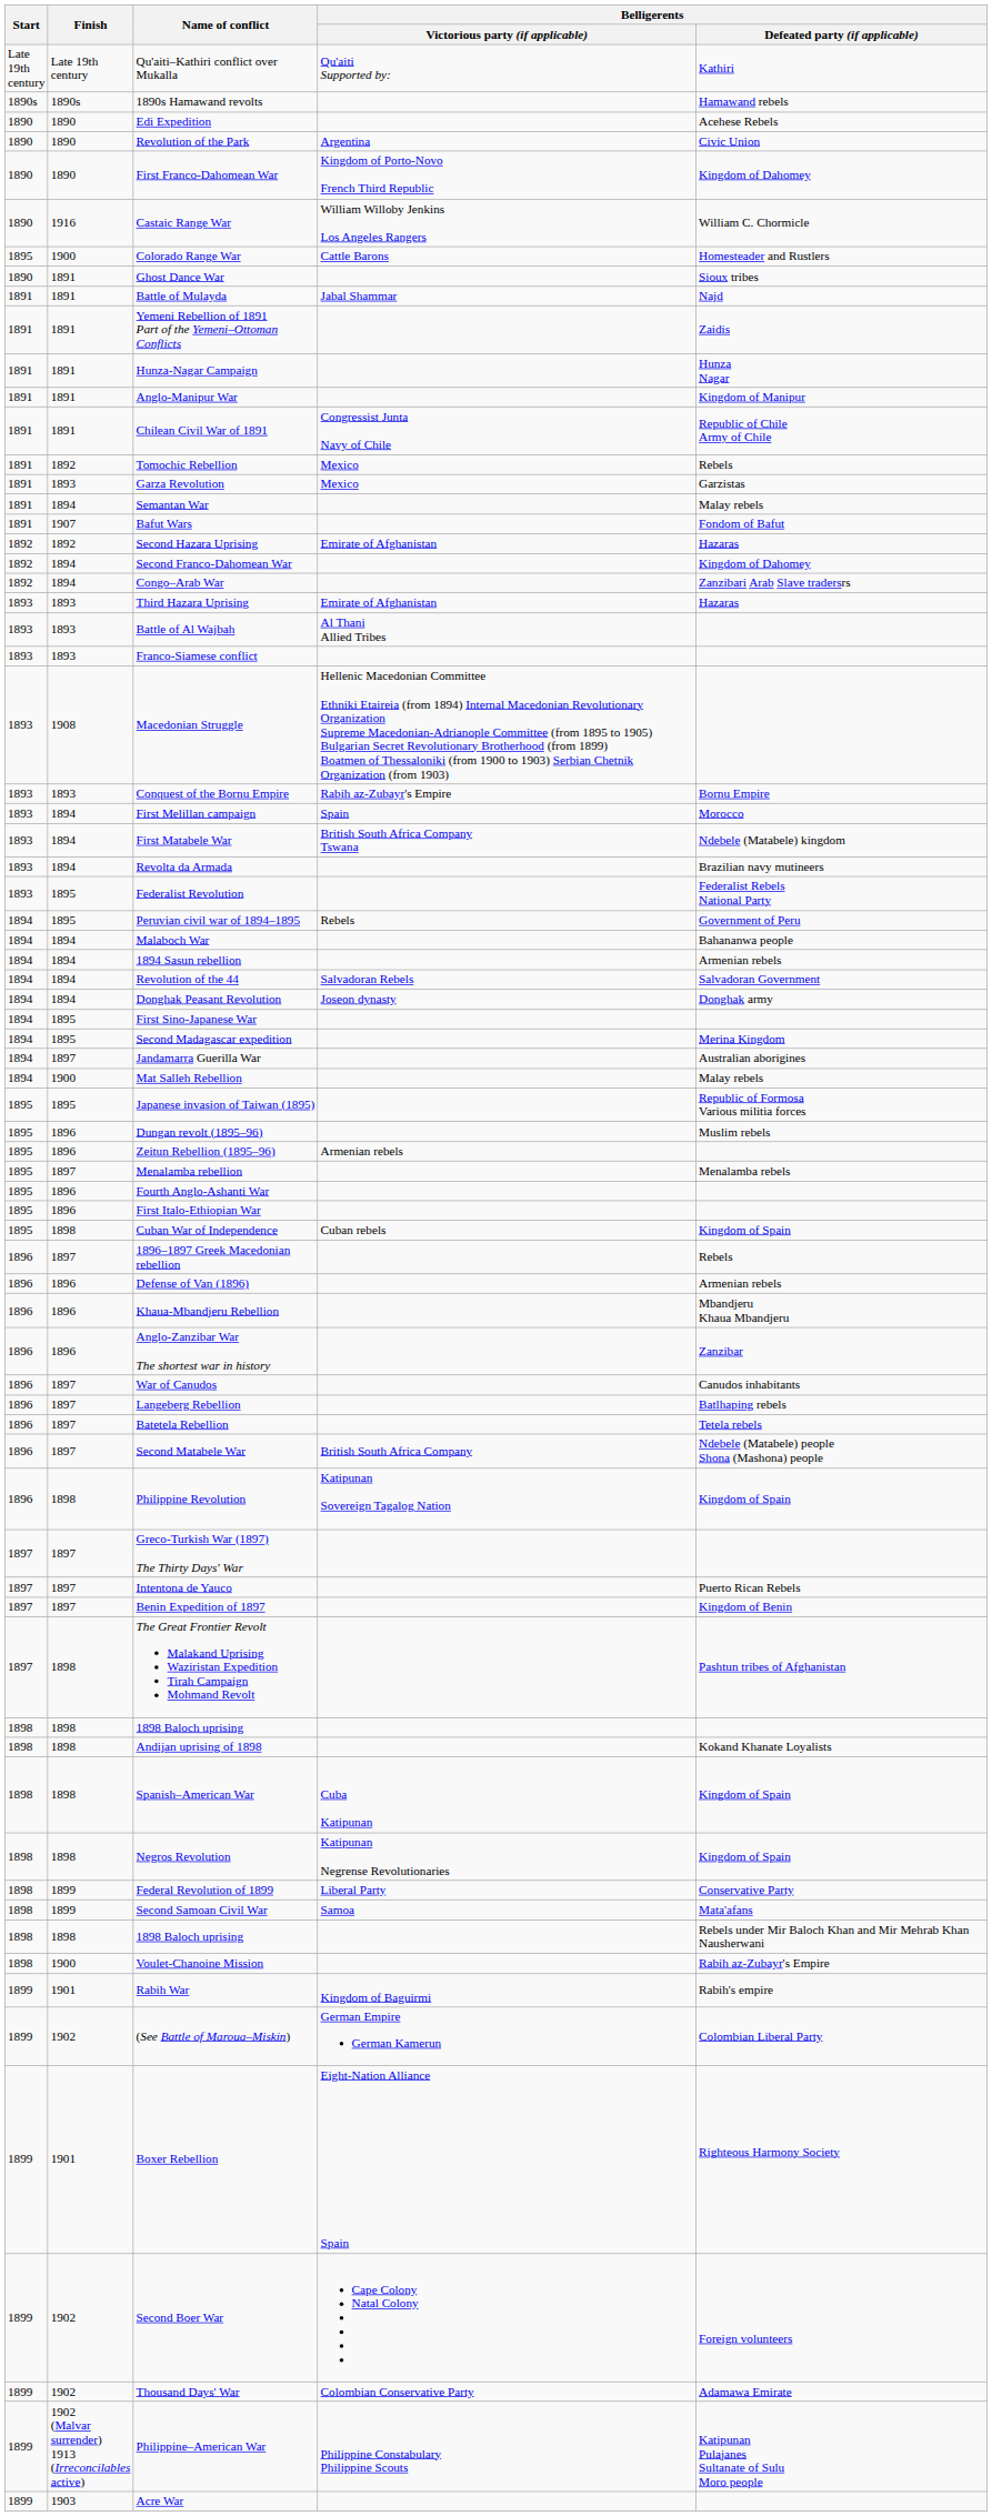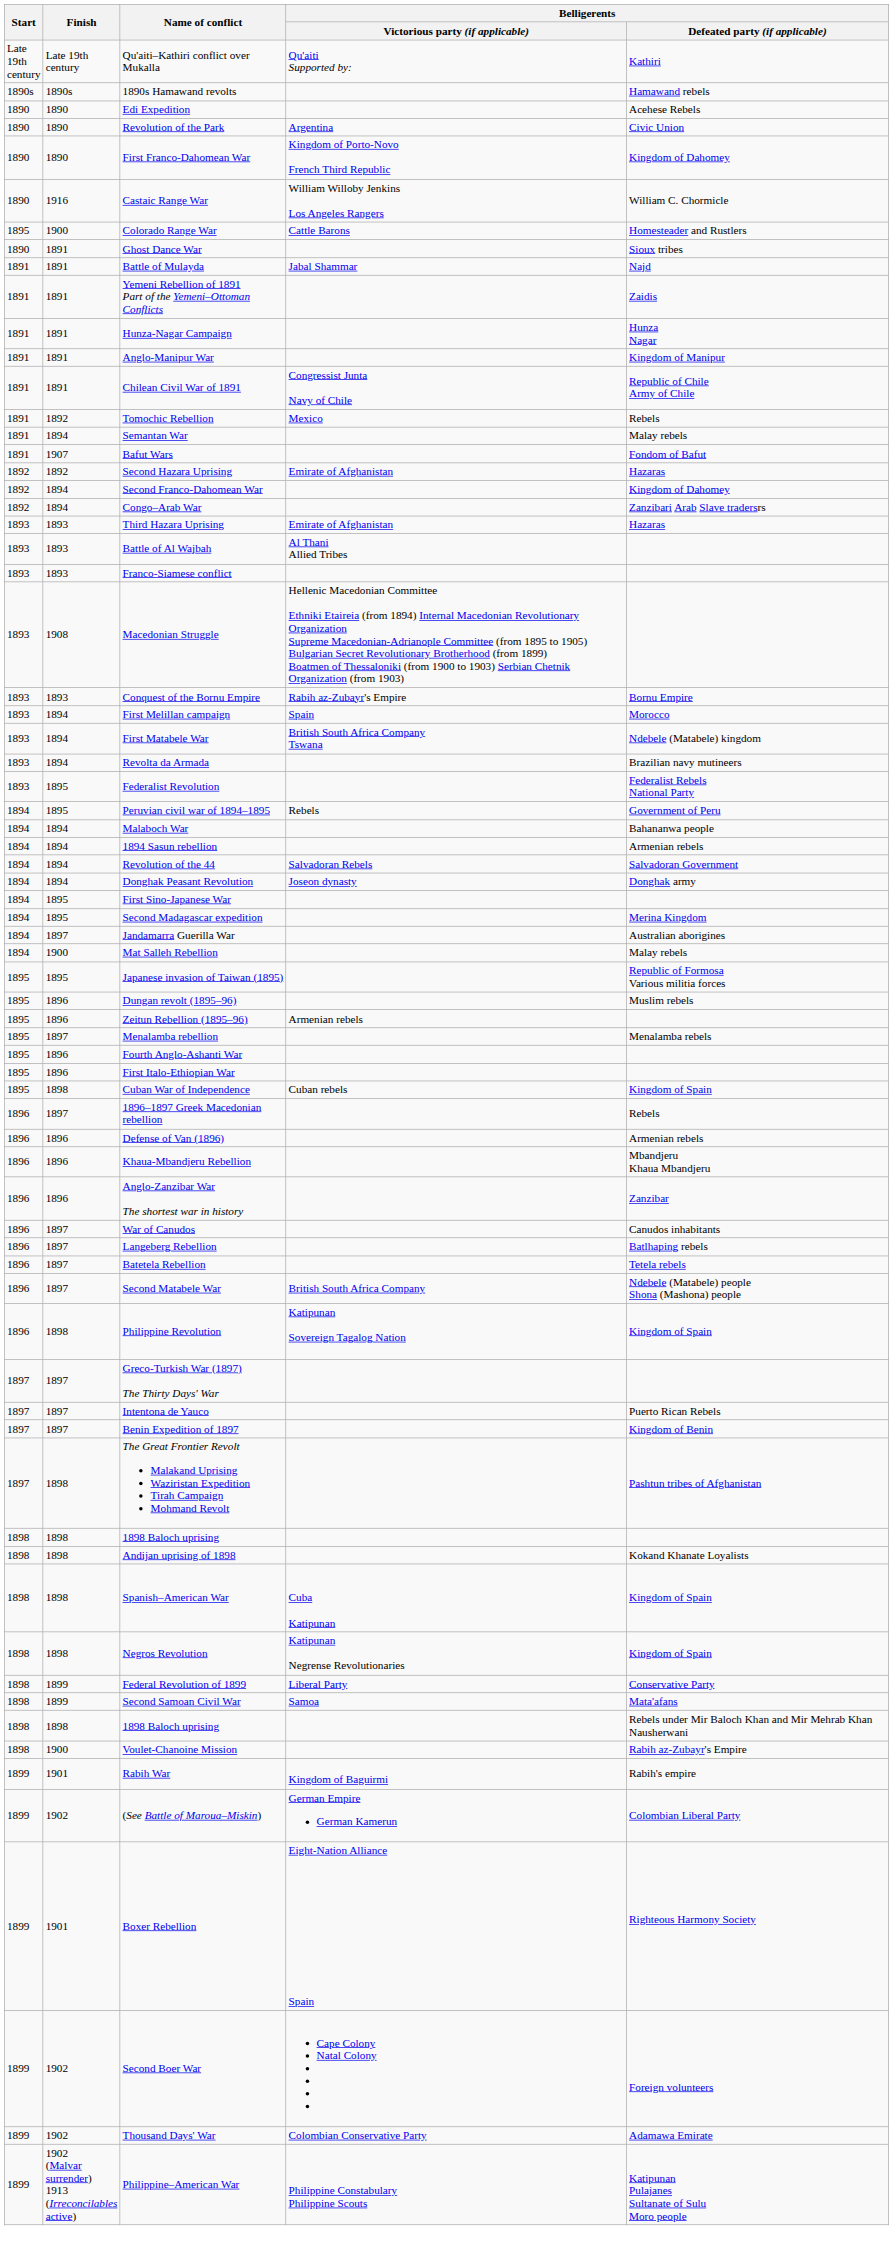 <table class="wikitable sortable" width="100%">
 <tr>
 <th rowspan="2" width="40">Start</th>
 <th rowspan="2" width="40">Finish</th>
 <th rowspan="2" class="unsortable">Name of conflict</th>
 <th colspan="2" class="unsortable">Belligerents</th>
 </tr>
 <tr>
 <th>Victorious party <em>(if applicable)</em></th>
 <th>Defeated party <em>(if applicable)</em></th>
 </tr>
 <tr>
 <td>Late 19th century</td>
 <td>Late 19th century</td>
 <td>Qu'aiti–Kathiri conflict over Mukalla</td>
 <td> <a href='#'>Qu'aiti</a><br><em>Supported by:</em><br></td>
 <td> <a href='#'>Kathiri</a></td>
 </tr>
 <tr>
 <td>1890s</td>
 <td>1890s</td>
 <td>1890s Hamawand revolts</td>
 <td></td>
 <td><a href='#'>Hamawand</a> rebels</td>
 </tr>
 <tr>
 <td>1890</td>
 <td>1890</td>
 <td><a href='#'>Edi Expedition</a></td>
 <td></td>
 <td>Acehese Rebels</td>
 </tr>
 <tr>
 <td>1890</td>
 <td>1890</td>
 <td><a href='#'>Revolution of the Park</a></td>
 <td> <a href='#'>Argentina</a></td>
 <td> <a href='#'>Civic Union</a></td>
 </tr>
 <tr>
 <td>1890</td>
 <td>1890</td>
 <td><a href='#'>First Franco-Dahomean War</a></td>
 <td><a href='#'>Kingdom of Porto-Novo</a><br><br> <a href='#'>French Third Republic</a></td>
 <td><a href='#'>Kingdom of Dahomey</a></td>
 </tr>
 <tr>
 <td>1890</td>
 <td>1916</td>
 <td><a href='#'>Castaic Range War</a></td>
 <td> William Willoby Jenkins<br><br> <a href='#'>Los Angeles Rangers</a></td>
 <td> William C. Chormicle</td>
 </tr>
 <tr>
 <td>1895</td>
 <td>1900</td>
 <td><a href='#'>Colorado Range War</a></td>
 <td> <a href='#'>Cattle Barons</a><br></td>
 <td> <a href='#'>Homesteader</a> and Rustlers</td>
 </tr>
 <tr>
 <td>1890</td>
 <td>1891</td>
 <td><a href='#'>Ghost Dance War</a></td>
 <td></td>
 <td><a href='#'>Sioux</a> tribes</td>
 </tr>
 <tr>
 <td>1891</td>
 <td>1891</td>
 <td><a href='#'>Battle of Mulayda</a></td>
 <td> <a href='#'>Jabal Shammar</a></td>
 <td> <a href='#'>Najd</a></td>
 </tr>
 <tr>
 <td>1891</td>
 <td>1891</td>
 <td><a href='#'>Yemeni Rebellion of 1891</a><br><em>Part of the <a href='#'>Yemeni–Ottoman Conflicts</a></em></td>
 <td></td>
 <td><a href='#'>Zaidis</a></td>
 </tr>
 <tr>
 <td>1891</td>
 <td>1891</td>
 <td><a href='#'>Hunza-Nagar Campaign</a></td>
 <td></td>
 <td><a href='#'>Hunza</a> <br> <a href='#'>Nagar</a></td>
 </tr>
 <tr>
 <td>1891</td>
 <td>1891</td>
 <td><a href='#'>Anglo-Manipur War</a></td>
 <td></td>
 <td> <a href='#'>Kingdom of Manipur</a></td>
 </tr>
 <tr>
 <td>1891</td>
 <td>1891</td>
 <td><a href='#'>Chilean Civil War of 1891</a></td>
 <td> <a href='#'>Congressist Junta</a><br><br> <a href='#'>Navy of Chile</a></td>
 <td> <a href='#'>Republic of Chile</a><br> <a href='#'>Army of Chile</a></td>
 </tr>
 <tr>
 <td>1891</td>
 <td>1892</td>
 <td><a href='#'>Tomochic Rebellion</a></td>
 <td> <a href='#'>Mexico</a></td>
 <td>Rebels</td>
-</tr>
-<tr>
-<td>1891</td>
-<td>1893</td>
-<td><a href='#'>Garza Revolution</a></td>
-<td> <a href='#'>Mexico</a><br></td>
-<td>Garzistas</td>
 </tr>
 <tr>
 <td>1891</td>
 <td>1894</td>
 <td><a href='#'>Semantan War</a></td>
 <td></td>
 <td>Malay rebels</td>
 </tr>
 <tr>
 <td>1891</td>
 <td>1907</td>
 <td><a href='#'>Bafut Wars</a></td>
 <td></td>
 <td><a href='#'>Fondom of Bafut</a></td>
 </tr>
 <tr>
 <td>1892</td>
 <td>1892</td>
 <td><a href='#'>Second Hazara Uprising</a></td>
 <td><a href='#'>Emirate of Afghanistan</a></td>
 <td><a href='#'>Hazaras</a></td>
 </tr>
 <tr>
 <td>1892</td>
 <td>1894</td>
 <td><a href='#'>Second Franco-Dahomean War</a></td>
 <td></td>
 <td><a href='#'>Kingdom of Dahomey</a></td>
 </tr>
 <tr>
 <td>1892</td>
 <td>1894</td>
 <td><a href='#'>Congo–Arab War</a></td>
 <td></td>
 <td><a href='#'>Zanzibari</a> <a href='#'>Arab</a> <a href='#'>Slave traders</a>rs</td>
 </tr>
 <tr>
 <td>1893</td>
 <td>1893</td>
 <td><a href='#'>Third Hazara Uprising</a></td>
 <td><a href='#'>Emirate of Afghanistan</a></td>
 <td><a href='#'>Hazaras</a></td>
 </tr>
 <tr>
 <td>1893</td>
 <td>1893</td>
 <td><a href='#'>Battle of Al Wajbah</a></td>
 <td> <a href='#'>Al Thani</a> <br>  Allied Tribes</td>
 <td></td>
 </tr>
 <tr>
 <td>1893</td>
 <td>1893</td>
 <td><a href='#'>Franco-Siamese conflict</a></td>
 <td> <br> </td>
 <td></td>
 </tr>
 <tr>
 <td>1893</td>
 <td>1908</td>
 <td><a href='#'>Macedonian Struggle</a></td>
 <td> Hellenic Macedonian Committee <br><br><a href='#'>Ethniki Etaireia</a> (from 1894) <a href='#'>Internal Macedonian Revolutionary Organization</a>  <br> <a href='#'>Supreme Macedonian-Adrianople Committee</a> (from 1895 to 1905) <br>  <a href='#'>Bulgarian Secret Revolutionary Brotherhood</a> (from 1899) <br>  <a href='#'>Boatmen of Thessaloniki</a> (from 1900 to 1903) <a href='#'>Serbian Chetnik Organization</a> (from 1903)</td>
 <td></td>
 </tr>
 <tr>
 <td>1893</td>
 <td>1893</td>
 <td><a href='#'>Conquest of the Bornu Empire</a></td>
 <td><a href='#'>Rabih az-Zubayr</a>'s Empire</td>
 <td><a href='#'>Bornu Empire</a></td>
 </tr>
 <tr>
 <td>1893</td>
 <td>1894</td>
 <td><a href='#'>First Melillan campaign</a></td>
 <td> <a href='#'>Spain</a></td>
 <td> <a href='#'>Morocco</a></td>
 </tr>
 <tr>
 <td>1893</td>
 <td>1894</td>
 <td><a href='#'>First Matabele War</a></td>
 <td> <a href='#'>British South Africa Company</a><br><a href='#'>Tswana</a></td>
 <td><a href='#'>Ndebele</a> (Matabele) kingdom</td>
 </tr>
 <tr>
 <td>1893</td>
 <td>1894</td>
 <td><a href='#'>Revolta da Armada</a></td>
 <td></td>
 <td>Brazilian navy mutineers</td>
 </tr>
 <tr>
 <td>1893</td>
 <td>1895</td>
 <td><a href='#'>Federalist Revolution</a></td>
 <td></td>
 <td><a href='#'>Federalist Rebels</a><br> <a href='#'>National Party</a></td>
 </tr>
 <tr>
 <td>1894</td>
 <td>1895</td>
 <td><a href='#'>Peruvian civil war of 1894–1895</a></td>
 <td>Rebels</td>
 <td><a href='#'>Government of Peru</a></td>
 </tr>
 <tr>
 <td>1894</td>
 <td>1894</td>
 <td><a href='#'>Malaboch War</a></td>
 <td></td>
 <td>Bahananwa people</td>
 </tr>
 <tr>
 <td>1894</td>
 <td>1894</td>
 <td><a href='#'>1894 Sasun rebellion</a></td>
 <td></td>
 <td>Armenian rebels</td>
 </tr>
 <tr>
 <td>1894</td>
 <td>1894</td>
 <td><a href='#'>Revolution of the 44</a></td>
 <td> <a href='#'>Salvadoran Rebels</a></td>
 <td> <a href='#'>Salvadoran Government</a></td>
 </tr>
 <tr>
 <td>1894</td>
 <td>1894</td>
 <td><a href='#'>Donghak Peasant Revolution</a></td>
 <td> <a href='#'>Joseon dynasty</a><br></td>
 <td><a href='#'>Donghak</a> army</td>
 </tr>
 <tr>
 <td>1894</td>
 <td>1895</td>
 <td><a href='#'>First Sino-Japanese War</a></td>
 <td></td>
 <td></td>
 </tr>
 <tr>
 <td>1894</td>
 <td>1895</td>
 <td><a href='#'>Second Madagascar expedition</a></td>
 <td></td>
 <td> <a href='#'>Merina Kingdom</a></td>
 </tr>
 <tr>
 <td>1894</td>
 <td>1897</td>
 <td><a href='#'>Jandamarra</a> Guerilla War</td>
 <td></td>
 <td>Australian aborigines</td>
 </tr>
 <tr>
 <td>1894</td>
 <td>1900</td>
 <td><a href='#'>Mat Salleh Rebellion</a></td>
 <td></td>
 <td>Malay rebels</td>
 </tr>
 <tr>
 <td>1895</td>
 <td>1895</td>
 <td><a href='#'>Japanese invasion of Taiwan (1895)</a></td>
 <td></td>
 <td> <a href='#'>Republic of Formosa</a><br> Various militia forces</td>
 </tr>
 <tr>
 <td>1895</td>
 <td>1896</td>
 <td><a href='#'>Dungan revolt (1895–96)</a></td>
 <td></td>
 <td>Muslim rebels</td>
 </tr>
 <tr>
 <td>1895</td>
 <td>1896</td>
 <td><a href='#'>Zeitun Rebellion (1895–96)</a></td>
 <td>Armenian rebels</td>
 <td></td>
 </tr>
 <tr>
 <td>1895</td>
 <td>1897</td>
 <td><a href='#'>Menalamba rebellion</a></td>
 <td></td>
 <td>Menalamba rebels</td>
 </tr>
 <tr>
 <td>1895</td>
 <td>1896</td>
 <td><a href='#'>Fourth Anglo-Ashanti War</a></td>
 <td></td>
 <td></td>
 </tr>
 <tr>
 <td>1895</td>
 <td>1896</td>
 <td><a href='#'>First Italo-Ethiopian War</a></td>
 <td></td>
 <td></td>
 </tr>
 <tr>
 <td>1895</td>
 <td>1898</td>
 <td><a href='#'>Cuban War of Independence</a></td>
 <td> Cuban rebels<br> </td>
 <td> <a href='#'>Kingdom of Spain</a></td>
 </tr>
 <tr>
 <td>1896</td>
 <td>1897</td>
 <td><a href='#'>1896–1897 Greek Macedonian rebellion</a></td>
 <td></td>
 <td>Rebels</td>
 </tr>
 <tr>
 <td>1896</td>
 <td>1896</td>
 <td><a href='#'>Defense of Van (1896)</a></td>
 <td></td>
 <td>Armenian rebels</td>
 </tr>
 <tr>
 <td>1896</td>
 <td>1896</td>
 <td><a href='#'>Khaua-Mbandjeru Rebellion</a></td>
 <td></td>
 <td>Mbandjeru <br> Khaua Mbandjeru</td>
 </tr>
 <tr>
 <td>1896</td>
 <td>1896</td>
 <td><a href='#'>Anglo-Zanzibar War</a><br><br><em>The shortest war in history</em></td>
 <td></td>
 <td> <a href='#'>Zanzibar</a></td>
 </tr>
 <tr>
 <td>1896</td>
 <td>1897</td>
 <td><a href='#'>War of Canudos</a></td>
 <td></td>
 <td>Canudos inhabitants</td>
 </tr>
 <tr>
 <td>1896</td>
 <td>1897</td>
 <td><a href='#'>Langeberg Rebellion</a></td>
 <td></td>
 <td><a href='#'>Batlhaping</a> rebels</td>
 </tr>
 <tr>
 <td>1896</td>
 <td>1897</td>
 <td><a href='#'>Batetela Rebellion</a></td>
 <td></td>
 <td><a href='#'>Tetela rebels</a></td>
 </tr>
 <tr>
 <td>1896</td>
 <td>1897</td>
 <td><a href='#'>Second Matabele War</a></td>
 <td> <a href='#'>British South Africa Company</a></td>
 <td><a href='#'>Ndebele</a> (Matabele) people<br><a href='#'>Shona</a> (Mashona) people</td>
 </tr>
 <tr>
 <td>1896</td>
 <td>1898</td>
 <td><a href='#'>Philippine Revolution</a></td>
 <td> <a href='#'>Katipunan</a><br><br> <a href='#'>Sovereign Tagalog Nation</a><br> <br> </td>
 <td> <a href='#'>Kingdom of Spain</a></td>
 </tr>
 <tr>
 <td>1897</td>
 <td>1897</td>
 <td><a href='#'>Greco-Turkish War (1897)</a><br><br><em>The Thirty Days' War</em></td>
 <td></td>
 <td></td>
 </tr>
 <tr>
 <td>1897</td>
 <td>1897</td>
 <td><a href='#'>Intentona de Yauco</a></td>
 <td></td>
 <td>Puerto Rican Rebels</td>
 </tr>
 <tr>
 <td>1897</td>
 <td>1897</td>
 <td><a href='#'>Benin Expedition of 1897</a></td>
 <td></td>
 <td> <a href='#'>Kingdom of Benin</a></td>
 </tr>
 <tr>
 <td>1897</td>
 <td>1898</td>
 <td><em>The Great Frontier Revolt</em><br><ul><li><a href='#'>Malakand Uprising</a></li><li><a href='#'>Waziristan Expedition</a></li><li><a href='#'>Tirah Campaign</a></li><li><a href='#'>Mohmand Revolt</a></li></ul></td>
 <td></td>
 <td> <a href='#'>Pashtun tribes of Afghanistan</a></td>
 </tr>
 <tr>
 <td>1898</td>
 <td>1898</td>
 <td><a href='#'>1898 Baloch uprising</a></td>
 <td></td>
 <td></td>
 </tr>
 <tr>
 <td>1898</td>
 <td>1898</td>
 <td><a href='#'>Andijan uprising of 1898</a></td>
 <td></td>
 <td>Kokand Khanate Loyalists</td>
 </tr>
 <tr>
 <td>1898</td>
 <td>1898</td>
 <td><a href='#'>Spanish–American War</a></td>
 <td><br><br> <a href='#'>Cuba</a><br> <br>  <a href='#'>Katipunan</a></td>
 <td> <a href='#'>Kingdom of Spain</a></td>
 </tr>
 <tr>
 <td>1898</td>
 <td>1898</td>
 <td><a href='#'>Negros Revolution</a></td>
 <td> <a href='#'>Katipunan</a><br><br> Negrense Revolutionaries</td>
 <td> <a href='#'>Kingdom of Spain</a></td>
 </tr>
 <tr>
 <td>1898</td>
 <td>1899</td>
 <td><a href='#'>Federal Revolution of 1899</a></td>
 <td><a href='#'>Liberal Party</a></td>
 <td><a href='#'>Conservative Party</a></td>
 </tr>
 <tr>
 <td>1898</td>
 <td>1899</td>
 <td><a href='#'>Second Samoan Civil War</a></td>
 <td> <a href='#'>Samoa</a></td>
 <td> <a href='#'>Mata'afans</a></td>
 </tr>
 <tr>
 <td>1898</td>
 <td>1898</td>
 <td><a href='#'>1898 Baloch uprising</a></td>
 <td></td>
 <td>Rebels under Mir Baloch Khan and Mir Mehrab Khan Nausherwani</td>
 </tr>
 <tr>
 <td>1898</td>
 <td>1900</td>
 <td><a href='#'>Voulet-Chanoine Mission</a></td>
 <td></td>
 <td><a href='#'>Rabih az-Zubayr</a>'s Empire</td>
 </tr>
 <tr>
 <td>1899</td>
 <td>1901</td>
 <td><a href='#'>Rabih War</a></td>
 <td><br><a href='#'>Kingdom of Baguirmi</a></td>
 <td>Rabih's empire</td>
 </tr>
 <tr>
 <td>1899</td>
 <td>1902</td>
 <td>(<em>See <a href='#'>Battle of Maroua–Miskin</a></em>)</td>
 <td> <a href='#'>German Empire</a><br><ul><li> <a href='#'>German Kamerun</a></li></ul></td>
 <td> <a href='#'>Colombian Liberal Party</a></td>
 </tr>
 <tr>
 <td>1899</td>
 <td>1901</td>
 <td><a href='#'>Boxer Rebellion</a></td>
 <td><a href='#'>Eight-Nation Alliance</a><br><br><br> <br> <br> <br> <br> <br> <br> <br> <br> <br>  <a href='#'>Spain</a></td>
 <td> <a href='#'>Righteous Harmony Society</a><br><br></td>
 </tr>
 <tr>
 <td>1899</td>
 <td>1902</td>
 <td><a href='#'>Second Boer War</a></td>
 <td><br><ul><li> <a href='#'>Cape Colony</a></li><li> <a href='#'>Natal Colony</a></li><li></li><li></li><li></li><li></li></ul></td>
 <td><br><br><br> <a href='#'>Foreign volunteers</a></td>
 </tr>
 <tr>
 <td>1899</td>
 <td>1902</td>
 <td><a href='#'>Thousand Days' War</a></td>
 <td> <a href='#'>Colombian Conservative Party</a></td>
 <td><a href='#'>Adamawa Emirate</a></td>
 </tr>
 <tr>
 <td>1899</td>
 <td>1902<br>(<a href='#'>Malvar surrender</a>)<br>1913<br>(<a href='#'><em>Irreconcilables</em> active</a>)</td>
 <td><a href='#'>Philippine–American War</a></td>
 <td><br><br><a href='#'>Philippine Constabulary</a><br>  <a href='#'>Philippine Scouts</a></td>
 <td><br><br> <a href='#'>Katipunan</a><br>  <a href='#'>Pulajanes</a><br>  <a href='#'>Sultanate of Sulu</a><br>  <a href='#'>Moro people</a></td>
 </tr>
-<tr>
-<td>1899</td>
-<td>1903</td>
-<td><a href='#'>Acre War</a></td>
-<td><br></td>
-<td></td>
-</tr>
 </table>
